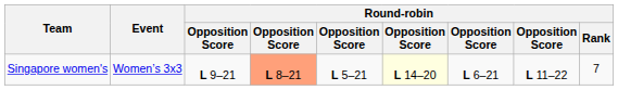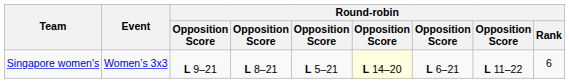 <table class="wikitable">
 <tr>
 <th rowspan="2">Team</th>
 <th rowspan="2">Event</th>
 <th colspan="7">Round-robin</th>
 </tr>
 <tr>
 <th>Opposition<br>Score</th>
 <th>Opposition<br>Score</th>
 <th>Opposition<br>Score</th>
 <th>Opposition<br>Score</th>
 <th>Opposition<br>Score</th>
 <th>Opposition<br>Score</th>
 <th>Rank</th>
 </tr>
 <tr align="center">
 <td align="left"><a href='#'>Singapore women's</a></td>
 <td align="left"><a href='#'>Women’s 3x3</a></td>
 <td><br> <strong>L</strong> 9–21</td>
-<td style="background: lightsalmon;"><br> <strong>L</strong> 8–21</td>
+<td><br> <strong>L</strong> 8–21</td>
 <td><br> <strong>L</strong> 5–21</td>
 <td style="background: lightyellow;"><br> <strong>L</strong> 14–20</td>
 <td><br> <strong>L</strong> 6–21</td>
 <td><br> <strong>L</strong> 11–22</td>
-<td>7</td>
+<td>6</td>
 </tr>
 </table>
